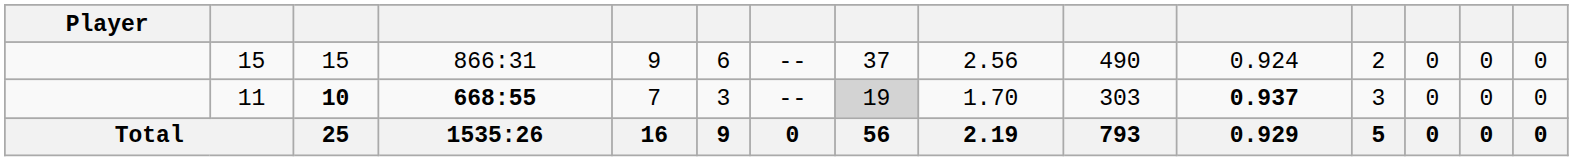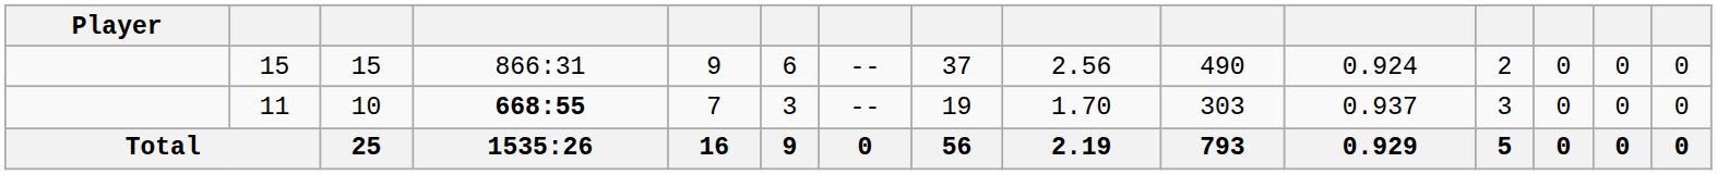 <table class="wikitable sortable" style="width:100%; text-align:center;">
 <tr>
 <th>Player</th>
 <th></th>
 <th></th>
 <th></th>
 <th></th>
 <th></th>
 <th></th>
 <th></th>
 <th></th>
 <th></th>
 <th></th>
 <th></th>
 <th></th>
 <th></th>
 <th></th>
 </tr>
 <tr>
 <td></td>
 <td>15</td>
 <td>15</td>
 <td>866:31</td>
 <td>9</td>
 <td>6</td>
 <td>--</td>
 <td>37</td>
 <td>2.56</td>
 <td>490</td>
 <td>0.924</td>
 <td>2</td>
 <td>0</td>
 <td>0</td>
 <td>0</td>
 </tr>
 <tr>
 <td></td>
 <td>11</td>
-<td><strong>10</strong></td>
+<td>10</td>
 <td><strong>668:55</strong></td>
 <td>7</td>
 <td>3</td>
 <td>--</td>
-<td style="background: lightgrey;">19</td>
+<td>19</td>
 <td>1.70</td>
 <td>303</td>
-<td><strong>0.937</strong></td>
+<td>0.937</td>
 <td>3</td>
 <td>0</td>
 <td>0</td>
 <td>0</td>
 </tr>
 <tr class="sortbottom">
 <th colspan=2>Total</th>
 <th>25</th>
 <th>1535:26</th>
 <th>16</th>
 <th>9</th>
 <th>0</th>
 <th>56</th>
 <th>2.19</th>
 <th>793</th>
 <th>0.929</th>
 <th>5</th>
 <th>0</th>
 <th>0</th>
 <th>0</th>
 </tr>
 </table>
